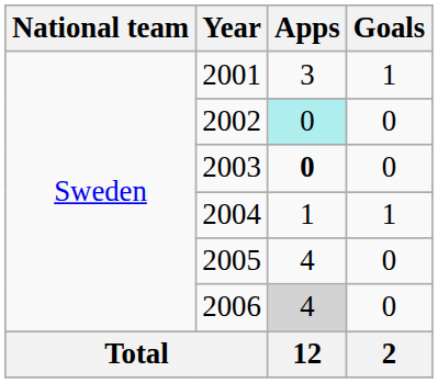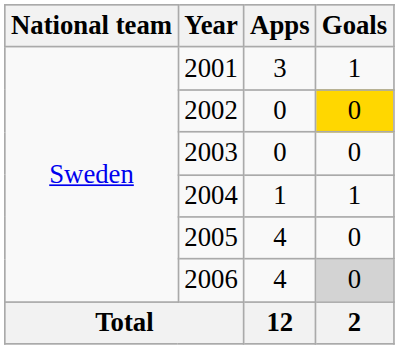 <table class="wikitable" style="text-align:center">
 <tr>
 <th>National team</th>
 <th>Year</th>
 <th>Apps</th>
 <th>Goals</th>
 </tr>
 <tr>
 <td rowspan="6"><a href='#'>Sweden</a></td>
 <td>2001</td>
 <td>3</td>
 <td>1</td>
 </tr>
 <tr>
 <td>2002</td>
-<td style="background: paleturquoise;">0</td>
 <td>0</td>
+<td style="background: gold;">0</td>
 </tr>
 <tr>
 <td>2003</td>
-<td><strong>0</strong></td>
+<td>0</td>
 <td>0</td>
 </tr>
 <tr>
 <td>2004</td>
 <td>1</td>
 <td>1</td>
 </tr>
 <tr>
 <td>2005</td>
 <td>4</td>
 <td>0</td>
 </tr>
 <tr>
 <td>2006</td>
-<td style="background: lightgrey;">4</td>
-<td>0</td>
+<td>4</td>
+<td style="background: lightgrey;">0</td>
 </tr>
 <tr>
 <th colspan="2">Total</th>
 <th>12</th>
 <th>2</th>
 </tr>
 </table>
